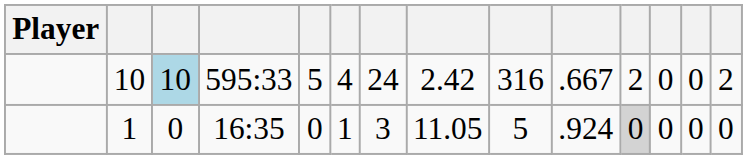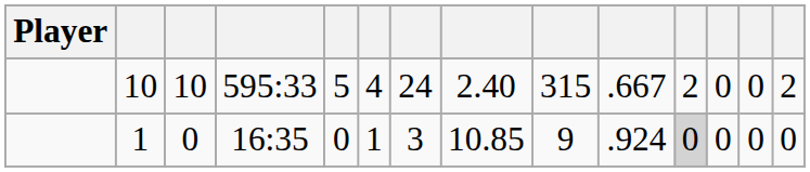 <table class="wikitable sortable" style="text-align:center;">
 <tr style="text-align:center; background:#ddd;">
 <th>Player</th>
 <th></th>
 <th></th>
 <th></th>
 <th></th>
 <th></th>
 <th></th>
 <th></th>
 <th></th>
 <th></th>
 <th></th>
 <th></th>
 <th></th>
 <th></th>
 </tr>
 <tr>
 <td></td>
 <td>10</td>
-<td style="background: lightblue;">10</td>
+<td>10</td>
 <td>595:33</td>
 <td>5</td>
 <td>4</td>
 <td>24</td>
-<td>2.42</td>
-<td>316</td>
+<td>2.40</td>
+<td>315</td>
 <td>.667</td>
 <td>2</td>
 <td>0</td>
 <td>0</td>
 <td>2</td>
 </tr>
 <tr>
 <td></td>
 <td>1</td>
 <td>0</td>
 <td>16:35</td>
 <td>0</td>
 <td>1</td>
 <td>3</td>
-<td>11.05</td>
-<td>5</td>
+<td>10.85</td>
+<td>9</td>
 <td>.924</td>
 <td style="background: lightgrey;">0</td>
 <td>0</td>
 <td>0</td>
 <td>0</td>
 </tr>
 </table>
